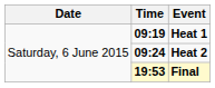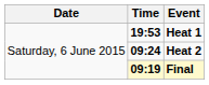 <table class="wikitable">
 <tr>
 <th>Date</th>
 <th>Time</th>
 <th>Event</th>
 </tr>
 <tr>
 <td rowspan="3">Saturday, 6 June 2015</td>
-<td><strong>09:19</strong></td>
+<td><strong>19:53</strong></td>
 <td><strong>Heat 1</strong></td>
 </tr>
 <tr>
 <td><strong>09:24</strong></td>
 <td><strong>Heat 2</strong></td>
 </tr>
 <tr style="background-color:lemonchiffon;">
-<td><strong>19:53</strong></td>
+<td><strong>09:19</strong></td>
 <td><strong>Final</strong></td>
 </tr>
 </table>
